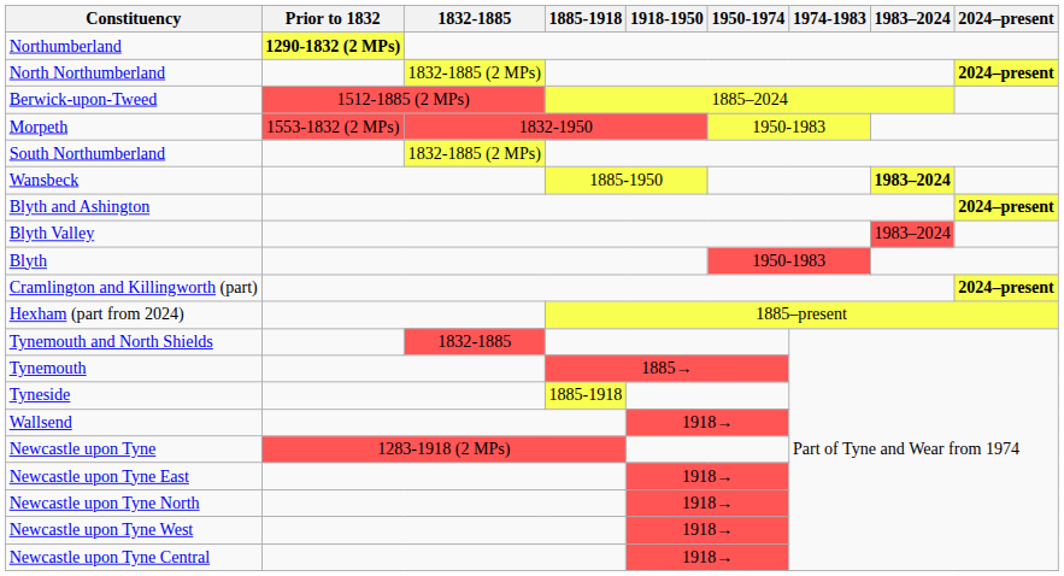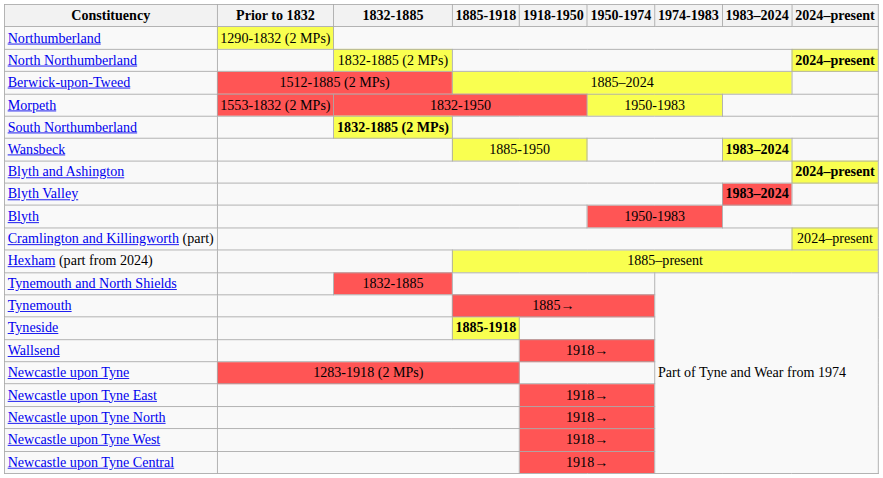 <table class="wikitable">
 <tr>
 <th>Constituency</th>
 <th>Prior to 1832</th>
 <th>1832-1885</th>
 <th>1885-1918</th>
 <th>1918-1950</th>
 <th>1950-1974</th>
 <th>1974-1983</th>
 <th>1983–2024</th>
 <th>2024–present</th>
 </tr>
 <tr>
 <td><a href='#'>Northumberland</a></td>
-<td align="center" bgcolor="#f9ff50"><strong>1290-1832 (2 MPs)</strong></td>
+<td align="center" bgcolor="#f9ff50">1290-1832 (2 MPs)</td>
 <td colspan="7"></td>
 </tr>
 <tr>
 <td><a href='#'>North Northumberland</a></td>
 <td></td>
 <td align="center" bgcolor="#f9ff50">1832-1885 (2 MPs)</td>
 <td colspan="5"></td>
 <td align="center" bgcolor="#f9ff50"><strong>2024–present</strong></td>
 </tr>
 <tr>
 <td><a href='#'>Berwick-upon-Tweed</a></td>
 <td colspan="2" align="center" bgcolor="#ff5555">1512-1885 (2 MPs)</td>
 <td colspan="5" align="center" bgcolor="#f9ff50">1885–2024</td>
 <td></td>
 </tr>
 <tr>
 <td><a href='#'>Morpeth</a></td>
 <td align="center" bgcolor="#ff5555">1553-1832 (2 MPs)</td>
 <td colspan="3" align="center" bgcolor="#ff5555">1832-1950</td>
 <td colspan="2" align="center" bgcolor="#f9ff50">1950-1983</td>
 <td colspan="2"></td>
 </tr>
 <tr>
 <td><a href='#'>South Northumberland</a></td>
 <td></td>
-<td align="center" bgcolor="#f9ff50">1832-1885 (2 MPs)</td>
+<td align="center" bgcolor="#f9ff50"><strong>1832-1885 (2 MPs)</strong></td>
 <td colspan="6"></td>
 </tr>
 <tr>
 <td><a href='#'>Wansbeck</a></td>
 <td colspan="2"></td>
 <td colspan="2" align="center" bgcolor="#f9ff50">1885-1950</td>
 <td colspan="2"></td>
 <td align="center" bgcolor="#f9ff50"><strong>1983–2024</strong></td>
 <td></td>
 </tr>
 <tr>
 <td><a href='#'>Blyth and Ashington</a></td>
 <td colspan="7"></td>
 <td align="center" bgcolor="#f9ff50"><strong>2024–present</strong></td>
 </tr>
 <tr>
 <td><a href='#'>Blyth Valley</a></td>
 <td colspan="6"></td>
-<td align="center" bgcolor="#ff5555">1983–2024</td>
+<td align="center" bgcolor="#ff5555"><strong>1983–2024</strong></td>
 <td></td>
 </tr>
 <tr>
 <td><a href='#'>Blyth</a></td>
 <td colspan="4"></td>
 <td colspan="2" align="center" bgcolor="#ff5555">1950-1983</td>
 <td colspan="2"></td>
 </tr>
 <tr>
 <td><a href='#'>Cramlington and Killingworth</a> (part)</td>
 <td colspan="7"></td>
-<td align="center" bgcolor="#f9ff50"><strong>2024–present</strong></td>
+<td align="center" bgcolor="#f9ff50">2024–present</td>
 </tr>
 <tr>
 <td><a href='#'>Hexham</a> (part from 2024)</td>
 <td colspan="2"></td>
 <td colspan="6" align="center" bgcolor="#f9ff50">1885–present</td>
 </tr>
 <tr>
 <td><a href='#'>Tynemouth and North Shields</a></td>
 <td></td>
 <td align="center" bgcolor="#ff5555">1832-1885</td>
 <td colspan="3"></td>
 <td colspan="3" rowspan="9">Part of Tyne and Wear from 1974</td>
 </tr>
 <tr>
 <td><a href='#'>Tynemouth</a></td>
 <td colspan="2"></td>
 <td colspan="3" align="center" bgcolor="#ff5555">1885→</td>
 </tr>
 <tr>
 <td><a href='#'>Tyneside</a></td>
 <td colspan="2"></td>
-<td align="center" bgcolor="#f9ff50">1885-1918</td>
+<td align="center" bgcolor="#f9ff50"><strong>1885-1918</strong></td>
 <td colspan="2"></td>
 </tr>
 <tr>
 <td><a href='#'>Wallsend</a></td>
 <td colspan="3"></td>
 <td colspan="2" align="center" bgcolor="#ff5555">1918→</td>
 </tr>
 <tr>
 <td><a href='#'>Newcastle upon Tyne</a></td>
 <td colspan="3" align="center" bgcolor="#ff5555">1283-1918 (2 MPs)</td>
 <td colspan="2"></td>
 </tr>
 <tr>
 <td><a href='#'>Newcastle upon Tyne East</a></td>
 <td colspan="3"></td>
 <td colspan="2" align="center" bgcolor="#ff5555">1918→</td>
 </tr>
 <tr>
 <td><a href='#'>Newcastle upon Tyne North</a></td>
 <td colspan="3"></td>
 <td colspan="2" align="center" bgcolor="#ff5555">1918→</td>
 </tr>
 <tr>
 <td><a href='#'>Newcastle upon Tyne West</a></td>
 <td colspan="3"></td>
 <td colspan="2" align="center" bgcolor="#ff5555">1918→</td>
 </tr>
 <tr>
 <td><a href='#'>Newcastle upon Tyne Central</a></td>
 <td colspan="3"></td>
 <td colspan="2" align="center" bgcolor="#ff5555">1918→</td>
 </tr>
 </table>
